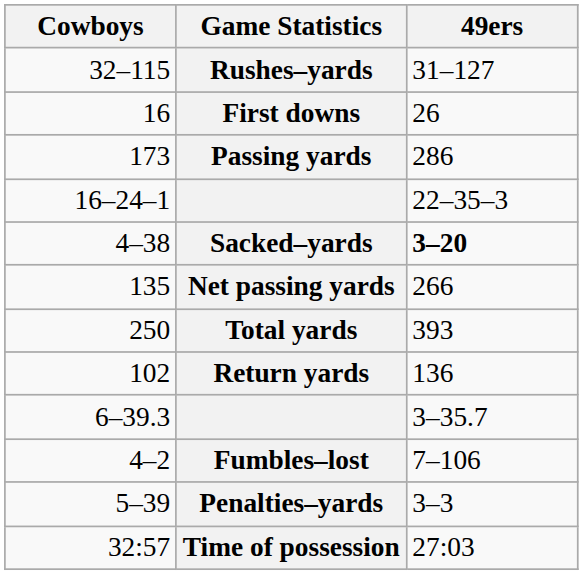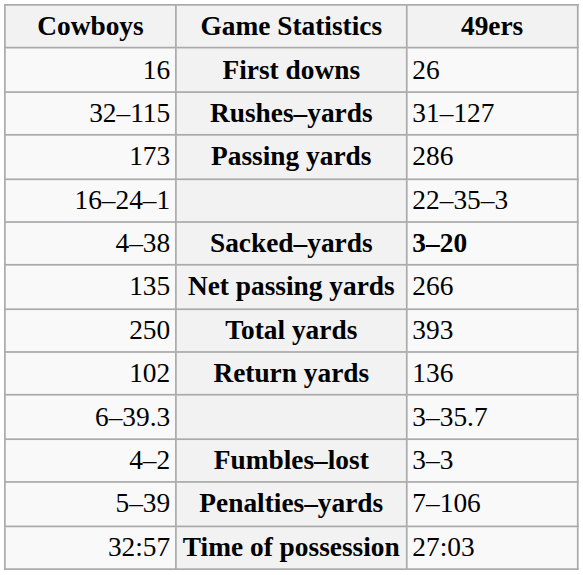 <table class="wikitable" style="margin: 1em auto 1em auto">
 <tr>
 <th style="width:30%;">Cowboys</th>
 <th style="width:40%;">Game Statistics</th>
 <th style="width:30%;">49ers</th>
 </tr>
 <tr>
+<td style="text-align:right;">16</td>
+<th>First downs</th>
+<td>26</td>
+</tr>
+<tr>
 <td style="text-align:right;">32–115</td>
 <th>Rushes–yards</th>
 <td>31–127</td>
-</tr>
-<tr>
-<td style="text-align:right;">16</td>
-<th>First downs</th>
-<td>26</td>
 </tr>
 <tr>
 <td style="text-align:right;">173</td>
 <th>Passing yards</th>
 <td>286</td>
 </tr>
 <tr>
 <td style="text-align:right;">16–24–1</td>
 <th></th>
 <td>22–35–3</td>
 </tr>
 <tr>
 <td style="text-align:right;">4–38</td>
 <th>Sacked–yards</th>
 <td><strong>3–20</strong></td>
 </tr>
 <tr>
 <td style="text-align:right;">135</td>
 <th>Net passing yards</th>
 <td>266</td>
 </tr>
 <tr>
 <td style="text-align:right;">250</td>
 <th>Total yards</th>
 <td>393</td>
 </tr>
 <tr>
 <td style="text-align:right;">102</td>
 <th>Return yards</th>
 <td>136</td>
 </tr>
 <tr>
 <td style="text-align:right;">6–39.3</td>
 <th></th>
 <td>3–35.7</td>
 </tr>
 <tr>
 <td style="text-align:right;">4–2</td>
 <th>Fumbles–lost</th>
-<td>7–106</td>
+<td>3–3</td>
 </tr>
 <tr>
 <td style="text-align:right;">5–39</td>
 <th>Penalties–yards</th>
-<td>3–3</td>
+<td>7–106</td>
 </tr>
 <tr>
 <td style="text-align:right;">32:57</td>
 <th>Time of possession</th>
 <td>27:03</td>
 </tr>
 </table>
